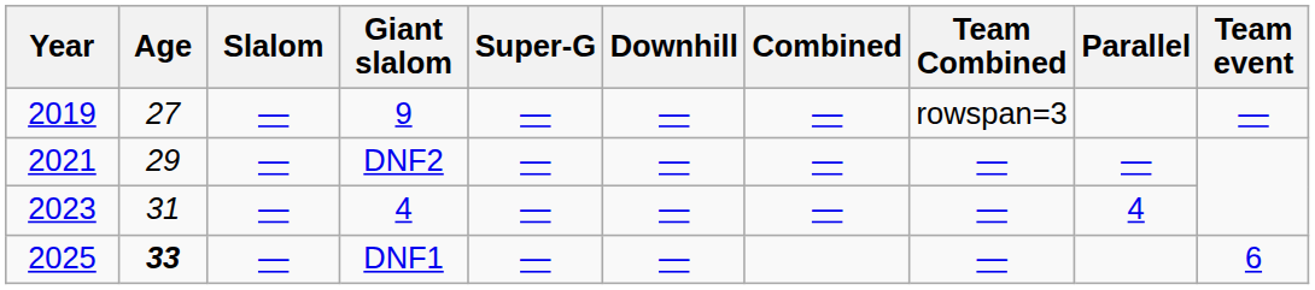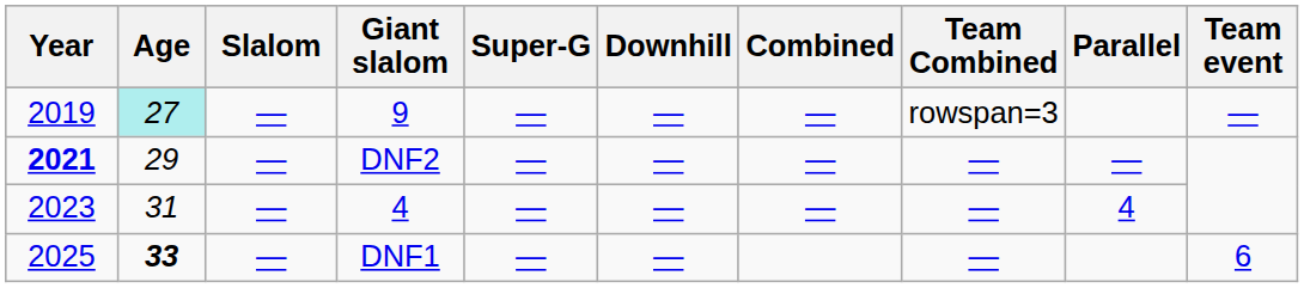 <table class=wikitable style="text-align:center">
 <tr>
 <th>  Year  </th>
 <th> Age </th>
 <th> Slalom </th>
 <th> Giant <br> slalom </th>
 <th>Super-G</th>
 <th>Downhill</th>
 <th>Combined</th>
 <th>Team<br>Combined</th>
 <th>Parallel</th>
 <th>Team<br> event </th>
 </tr>
 <tr>
 <td><a href='#'>2019</a></td>
-<td><em>27</em></td>
+<td style="background: paleturquoise;"><em>27</em></td>
 <td><a href='#'>—</a></td>
 <td><a href='#'>9</a></td>
 <td><a href='#'>—</a></td>
 <td><a href='#'>—</a></td>
 <td><a href='#'>—</a></td>
 <td>rowspan=3</td>
 <td></td>
 <td><a href='#'>—</a></td>
 </tr>
 <tr>
-<td><a href='#'>2021</a></td>
+<td><strong><a href='#'>2021</a></strong></td>
 <td><em>29</em></td>
 <td><a href='#'>—</a></td>
 <td><a href='#'>DNF2</a></td>
 <td><a href='#'>—</a></td>
 <td><a href='#'>—</a></td>
 <td><a href='#'>—</a></td>
 <td><a href='#'>—</a></td>
 <td><a href='#'>—</a></td>
 </tr>
 <tr>
 <td><a href='#'>2023</a></td>
 <td><em>31</em></td>
 <td><a href='#'>—</a></td>
 <td><a href='#'>4</a></td>
 <td><a href='#'>—</a></td>
 <td><a href='#'>—</a></td>
 <td><a href='#'>—</a></td>
 <td><a href='#'>—</a></td>
 <td><a href='#'>4</a></td>
 </tr>
 <tr>
 <td><a href='#'>2025</a></td>
 <td><strong><em>33</em></strong></td>
 <td><a href='#'>—</a></td>
 <td><a href='#'>DNF1</a></td>
 <td><a href='#'>—</a></td>
 <td><a href='#'>—</a></td>
 <td></td>
 <td><a href='#'>—</a></td>
 <td></td>
 <td><a href='#'>6</a></td>
 </tr>
 </table>
